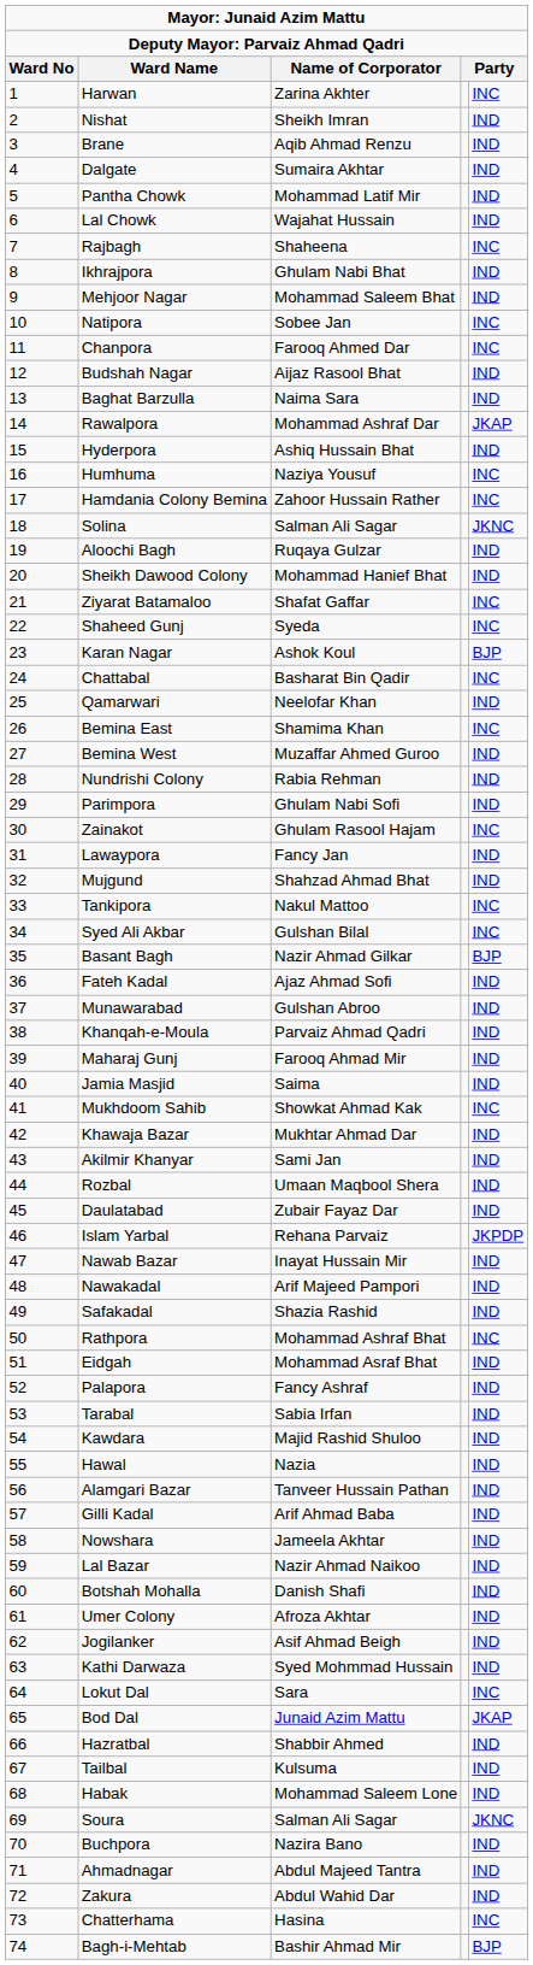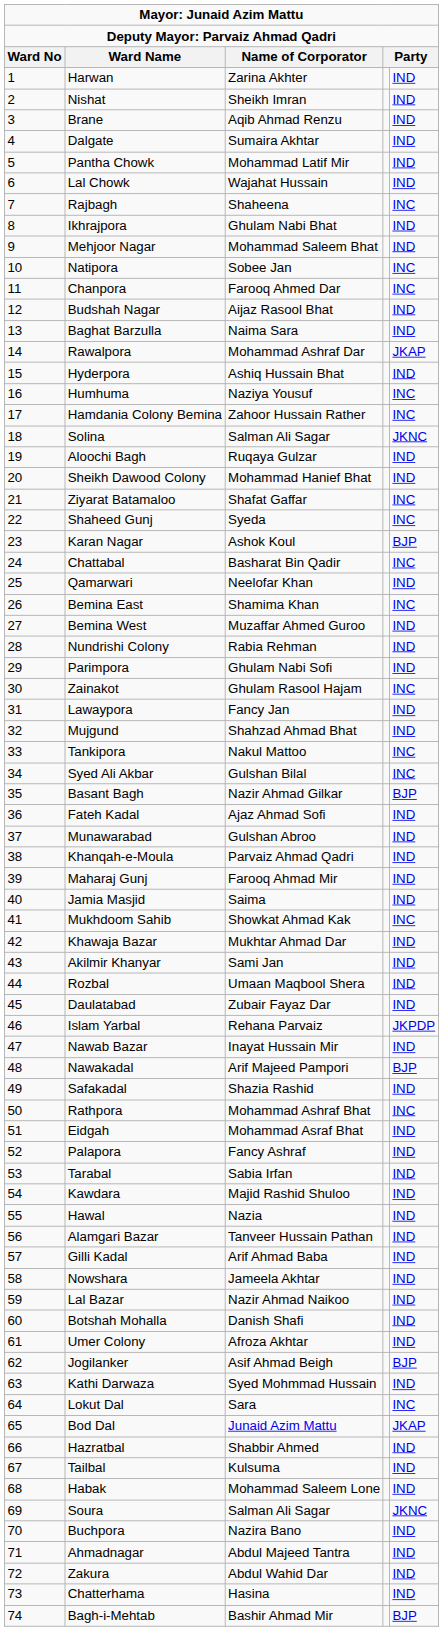 <table class="wikitable">
 <tr>
 <td colspan=5 align=center><span><strong>Mayor: Junaid Azim Mattu</strong></span></td>
 </tr>
 <tr>
 <td colspan=5 align=center><span><strong>Deputy Mayor: Parvaiz Ahmad Qadri</strong></span></td>
 </tr>
 <tr>
 <th>Ward No</th>
 <th>Ward Name</th>
 <th>Name of Corporator</th>
 <th colspan="2">Party</th>
 </tr>
 <tr>
 <td>1</td>
 <td>Harwan</td>
 <td>Zarina Akhter</td>
 <td style="background-color: "></td>
-<td><a href='#'>INC</a></td>
+<td><a href='#'>IND</a></td>
 </tr>
 <tr>
 <td>2</td>
 <td>Nishat</td>
 <td>Sheikh Imran</td>
 <td style="background-color: "></td>
 <td><a href='#'>IND</a></td>
 </tr>
 <tr>
 <td>3</td>
 <td>Brane</td>
 <td>Aqib Ahmad Renzu</td>
 <td style="background-color: "></td>
 <td><a href='#'>IND</a></td>
 </tr>
 <tr>
 <td>4</td>
 <td>Dalgate</td>
 <td>Sumaira Akhtar</td>
 <td style="background-color: "></td>
 <td><a href='#'>IND</a></td>
 </tr>
 <tr>
 <td>5</td>
 <td>Pantha Chowk</td>
 <td>Mohammad Latif Mir</td>
 <td style="background-color: "></td>
 <td><a href='#'>IND</a></td>
 </tr>
 <tr>
 <td>6</td>
 <td>Lal Chowk</td>
 <td>Wajahat Hussain</td>
 <td style="background-color: "></td>
 <td><a href='#'>IND</a></td>
 </tr>
 <tr>
 <td>7</td>
 <td>Rajbagh</td>
 <td>Shaheena</td>
 <td style="background-color: "></td>
 <td><a href='#'>INC</a></td>
 </tr>
 <tr>
 <td>8</td>
 <td>Ikhrajpora</td>
 <td>Ghulam Nabi Bhat</td>
 <td style="background-color: "></td>
 <td><a href='#'>IND</a></td>
 </tr>
 <tr>
 <td>9</td>
 <td>Mehjoor Nagar</td>
 <td>Mohammad Saleem Bhat</td>
 <td style="background-color: "></td>
 <td><a href='#'>IND</a></td>
 </tr>
 <tr>
 <td>10</td>
 <td>Natipora</td>
 <td>Sobee Jan</td>
 <td style="background-color: "></td>
 <td><a href='#'>INC</a></td>
 </tr>
 <tr>
 <td>11</td>
 <td>Chanpora</td>
 <td>Farooq Ahmed Dar</td>
 <td style="background-color: "></td>
 <td><a href='#'>INC</a></td>
 </tr>
 <tr>
 <td>12</td>
 <td>Budshah Nagar</td>
 <td>Aijaz Rasool Bhat</td>
 <td style="background-color: "></td>
 <td><a href='#'>IND</a></td>
 </tr>
 <tr>
 <td>13</td>
 <td>Baghat Barzulla</td>
 <td>Naima Sara</td>
 <td style="background-color: "></td>
 <td><a href='#'>IND</a></td>
 </tr>
 <tr>
 <td>14</td>
 <td>Rawalpora</td>
 <td>Mohammad Ashraf Dar</td>
 <td style="background-color: "></td>
 <td><a href='#'>JKAP</a></td>
 </tr>
 <tr>
 <td>15</td>
 <td>Hyderpora</td>
 <td>Ashiq Hussain Bhat</td>
 <td style="background-color: "></td>
 <td><a href='#'>IND</a></td>
 </tr>
 <tr>
 <td>16</td>
 <td>Humhuma</td>
 <td>Naziya Yousuf</td>
 <td style="background-color: "></td>
 <td><a href='#'>INC</a></td>
 </tr>
 <tr>
 <td>17</td>
 <td>Hamdania Colony Bemina</td>
 <td>Zahoor Hussain Rather</td>
 <td style="background-color: "></td>
 <td><a href='#'>INC</a></td>
 </tr>
 <tr>
 <td>18</td>
 <td>Solina</td>
 <td>Salman Ali Sagar</td>
 <td style="background-color: "></td>
 <td><a href='#'>JKNC</a></td>
 </tr>
 <tr>
 <td>19</td>
 <td>Aloochi Bagh</td>
 <td>Ruqaya Gulzar</td>
 <td style="background-color: "></td>
 <td><a href='#'>IND</a></td>
 </tr>
 <tr>
 <td>20</td>
 <td>Sheikh Dawood Colony</td>
 <td>Mohammad Hanief Bhat</td>
 <td style="background-color: "></td>
 <td><a href='#'>IND</a></td>
 </tr>
 <tr>
 <td>21</td>
 <td>Ziyarat Batamaloo</td>
 <td>Shafat Gaffar</td>
 <td style="background-color: "></td>
 <td><a href='#'>INC</a></td>
 </tr>
 <tr>
 <td>22</td>
 <td>Shaheed Gunj</td>
 <td>Syeda</td>
 <td style="background-color: "></td>
 <td><a href='#'>INC</a></td>
 </tr>
 <tr>
 <td>23</td>
 <td>Karan Nagar</td>
 <td>Ashok Koul</td>
 <td style="background-color: "></td>
 <td><a href='#'>BJP</a></td>
 </tr>
 <tr>
 <td>24</td>
 <td>Chattabal</td>
 <td>Basharat Bin Qadir</td>
 <td style="background-color: "></td>
 <td><a href='#'>INC</a></td>
 </tr>
 <tr>
 <td>25</td>
 <td>Qamarwari</td>
 <td>Neelofar Khan</td>
 <td style="background-color: "></td>
 <td><a href='#'>IND</a></td>
 </tr>
 <tr>
 <td>26</td>
 <td>Bemina East</td>
 <td>Shamima Khan</td>
 <td style="background-color: "></td>
 <td><a href='#'>INC</a></td>
 </tr>
 <tr>
 <td>27</td>
 <td>Bemina West</td>
 <td>Muzaffar Ahmed Guroo</td>
 <td style="background-color: "></td>
 <td><a href='#'>IND</a></td>
 </tr>
 <tr>
 <td>28</td>
 <td>Nundrishi Colony</td>
 <td>Rabia Rehman</td>
 <td style="background-color: "></td>
 <td><a href='#'>IND</a></td>
 </tr>
 <tr>
 <td>29</td>
 <td>Parimpora</td>
 <td>Ghulam Nabi Sofi</td>
 <td style="background-color: "></td>
 <td><a href='#'>IND</a></td>
 </tr>
 <tr>
 <td>30</td>
 <td>Zainakot</td>
 <td>Ghulam Rasool Hajam</td>
 <td style="background-color: "></td>
 <td><a href='#'>INC</a></td>
 </tr>
 <tr>
 <td>31</td>
 <td>Lawaypora</td>
 <td>Fancy Jan</td>
 <td style="background-color: "></td>
 <td><a href='#'>IND</a></td>
 </tr>
 <tr>
 <td>32</td>
 <td>Mujgund</td>
 <td>Shahzad Ahmad Bhat</td>
 <td style="background-color: "></td>
 <td><a href='#'>IND</a></td>
 </tr>
 <tr>
 <td>33</td>
 <td>Tankipora</td>
 <td>Nakul Mattoo</td>
 <td style="background-color: "></td>
 <td><a href='#'>INC</a></td>
 </tr>
 <tr>
 <td>34</td>
 <td>Syed Ali Akbar</td>
 <td>Gulshan Bilal</td>
 <td style="background-color: "></td>
 <td><a href='#'>INC</a></td>
 </tr>
 <tr>
 <td>35</td>
 <td>Basant Bagh</td>
 <td>Nazir Ahmad Gilkar</td>
 <td style="background-color: "></td>
 <td><a href='#'>BJP</a></td>
 </tr>
 <tr>
 <td>36</td>
 <td>Fateh Kadal</td>
 <td>Ajaz Ahmad Sofi</td>
 <td style="background-color: "></td>
 <td><a href='#'>IND</a></td>
 </tr>
 <tr>
 <td>37</td>
 <td>Munawarabad</td>
 <td>Gulshan Abroo</td>
 <td style="background-color: "></td>
 <td><a href='#'>IND</a></td>
 </tr>
 <tr>
 <td>38</td>
 <td>Khanqah-e-Moula</td>
 <td>Parvaiz Ahmad Qadri</td>
 <td style="background-color: "></td>
 <td><a href='#'>IND</a></td>
 </tr>
 <tr>
 <td>39</td>
 <td>Maharaj Gunj</td>
 <td>Farooq Ahmad Mir</td>
 <td style="background-color: "></td>
 <td><a href='#'>IND</a></td>
 </tr>
 <tr>
 <td>40</td>
 <td>Jamia Masjid</td>
 <td>Saima</td>
 <td style="background-color: "></td>
 <td><a href='#'>IND</a></td>
 </tr>
 <tr>
 <td>41</td>
 <td>Mukhdoom Sahib</td>
 <td>Showkat Ahmad Kak</td>
 <td style="background-color: "></td>
 <td><a href='#'>INC</a></td>
 </tr>
 <tr>
 <td>42</td>
 <td>Khawaja Bazar</td>
 <td>Mukhtar Ahmad Dar</td>
 <td style="background-color: "></td>
 <td><a href='#'>IND</a></td>
 </tr>
 <tr>
 <td>43</td>
 <td>Akilmir Khanyar</td>
 <td>Sami Jan</td>
 <td style="background-color: "></td>
 <td><a href='#'>IND</a></td>
 </tr>
 <tr>
 <td>44</td>
 <td>Rozbal</td>
 <td>Umaan Maqbool Shera</td>
 <td style="background-color: "></td>
 <td><a href='#'>IND</a></td>
 </tr>
 <tr>
 <td>45</td>
 <td>Daulatabad</td>
 <td>Zubair Fayaz Dar</td>
 <td style="background-color: "></td>
 <td><a href='#'>IND</a></td>
 </tr>
 <tr>
 <td>46</td>
 <td>Islam Yarbal</td>
 <td>Rehana Parvaiz</td>
 <td style="background-color: "></td>
 <td><a href='#'>JKPDP</a></td>
 </tr>
 <tr>
 <td>47</td>
 <td>Nawab Bazar</td>
 <td>Inayat Hussain Mir</td>
 <td style="background-color: "></td>
 <td><a href='#'>IND</a></td>
 </tr>
 <tr>
 <td>48</td>
 <td>Nawakadal</td>
 <td>Arif Majeed Pampori</td>
 <td style="background-color: "></td>
-<td><a href='#'>IND</a></td>
+<td><a href='#'>BJP</a></td>
 </tr>
 <tr>
 <td>49</td>
 <td>Safakadal</td>
 <td>Shazia Rashid</td>
 <td style="background-color: "></td>
 <td><a href='#'>IND</a></td>
 </tr>
 <tr>
 <td>50</td>
 <td>Rathpora</td>
 <td>Mohammad Ashraf Bhat</td>
 <td style="background-color: "></td>
 <td><a href='#'>INC</a></td>
 </tr>
 <tr>
 <td>51</td>
 <td>Eidgah</td>
 <td>Mohammad Asraf Bhat</td>
 <td style="background-color: "></td>
 <td><a href='#'>IND</a></td>
 </tr>
 <tr>
 <td>52</td>
 <td>Palapora</td>
 <td>Fancy Ashraf</td>
 <td style="background-color: "></td>
 <td><a href='#'>IND</a></td>
 </tr>
 <tr>
 <td>53</td>
 <td>Tarabal</td>
 <td>Sabia Irfan</td>
 <td style="background-color: "></td>
 <td><a href='#'>IND</a></td>
 </tr>
 <tr>
 <td>54</td>
 <td>Kawdara</td>
 <td>Majid Rashid Shuloo</td>
 <td style="background-color: "></td>
 <td><a href='#'>IND</a></td>
 </tr>
 <tr>
 <td>55</td>
 <td>Hawal</td>
 <td>Nazia</td>
 <td style="background-color: "></td>
 <td><a href='#'>IND</a></td>
 </tr>
 <tr>
 <td>56</td>
 <td>Alamgari Bazar</td>
 <td>Tanveer Hussain Pathan</td>
 <td style="background-color: "></td>
 <td><a href='#'>IND</a></td>
 </tr>
 <tr>
 <td>57</td>
 <td>Gilli Kadal</td>
 <td>Arif Ahmad Baba</td>
 <td style="background-color: "></td>
 <td><a href='#'>IND</a></td>
 </tr>
 <tr>
 <td>58</td>
 <td>Nowshara</td>
 <td>Jameela Akhtar</td>
 <td style="background-color: "></td>
 <td><a href='#'>IND</a></td>
 </tr>
 <tr>
 <td>59</td>
 <td>Lal Bazar</td>
 <td>Nazir Ahmad Naikoo</td>
 <td style="background-color: "></td>
 <td><a href='#'>IND</a></td>
 </tr>
 <tr>
 <td>60</td>
 <td>Botshah Mohalla</td>
 <td>Danish Shafi</td>
 <td style="background-color: "></td>
 <td><a href='#'>IND</a></td>
 </tr>
 <tr>
 <td>61</td>
 <td>Umer Colony</td>
 <td>Afroza Akhtar</td>
 <td style="background-color: "></td>
 <td><a href='#'>IND</a></td>
 </tr>
 <tr>
 <td>62</td>
 <td>Jogilanker</td>
 <td>Asif Ahmad Beigh</td>
 <td style="background-color: "></td>
-<td><a href='#'>IND</a></td>
+<td><a href='#'>BJP</a></td>
 </tr>
 <tr>
 <td>63</td>
 <td>Kathi Darwaza</td>
 <td>Syed Mohmmad Hussain</td>
 <td style="background-color: "></td>
 <td><a href='#'>IND</a></td>
 </tr>
 <tr>
 <td>64</td>
 <td>Lokut Dal</td>
 <td>Sara</td>
 <td style="background-color: "></td>
 <td><a href='#'>INC</a></td>
 </tr>
 <tr>
 <td>65</td>
 <td>Bod Dal</td>
 <td><a href='#'>Junaid Azim Mattu</a></td>
 <td style="background-color: "></td>
 <td><a href='#'>JKAP</a></td>
 </tr>
 <tr>
 <td>66</td>
 <td>Hazratbal</td>
 <td>Shabbir Ahmed</td>
 <td style="background-color: "></td>
 <td><a href='#'>IND</a></td>
 </tr>
 <tr>
 <td>67</td>
 <td>Tailbal</td>
 <td>Kulsuma</td>
 <td style="background-color: "></td>
 <td><a href='#'>IND</a></td>
 </tr>
 <tr>
 <td>68</td>
 <td>Habak</td>
 <td>Mohammad Saleem Lone</td>
 <td style="background-color: "></td>
 <td><a href='#'>IND</a></td>
 </tr>
 <tr>
 <td>69</td>
 <td>Soura</td>
 <td>Salman Ali Sagar</td>
 <td style="background-color: "></td>
 <td><a href='#'>JKNC</a></td>
 </tr>
 <tr>
 <td>70</td>
 <td>Buchpora</td>
 <td>Nazira Bano</td>
 <td style="background-color: "></td>
 <td><a href='#'>IND</a></td>
 </tr>
 <tr>
 <td>71</td>
 <td>Ahmadnagar</td>
 <td>Abdul Majeed Tantra</td>
 <td style="background-color: "></td>
 <td><a href='#'>IND</a></td>
 </tr>
 <tr>
 <td>72</td>
 <td>Zakura</td>
 <td>Abdul Wahid Dar</td>
 <td style="background-color: "></td>
 <td><a href='#'>IND</a></td>
 </tr>
 <tr>
 <td>73</td>
 <td>Chatterhama</td>
 <td>Hasina</td>
 <td style="background-color: "></td>
-<td><a href='#'>INC</a></td>
+<td><a href='#'>IND</a></td>
 </tr>
 <tr>
 <td>74</td>
 <td>Bagh-i-Mehtab</td>
 <td>Bashir Ahmad Mir</td>
 <td style="background-color: "></td>
 <td><a href='#'>BJP</a></td>
 </tr>
 </table>
